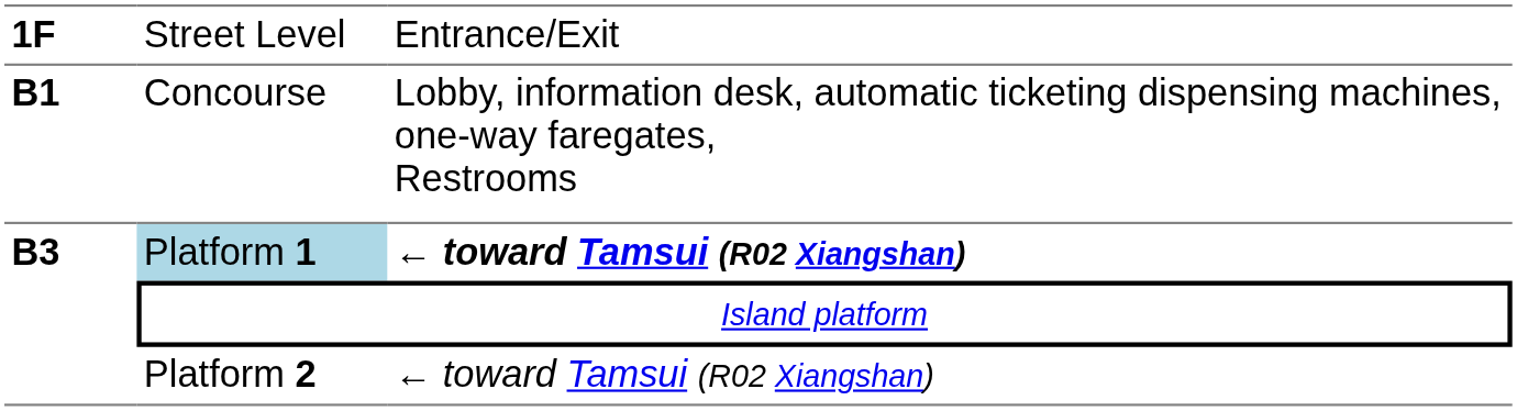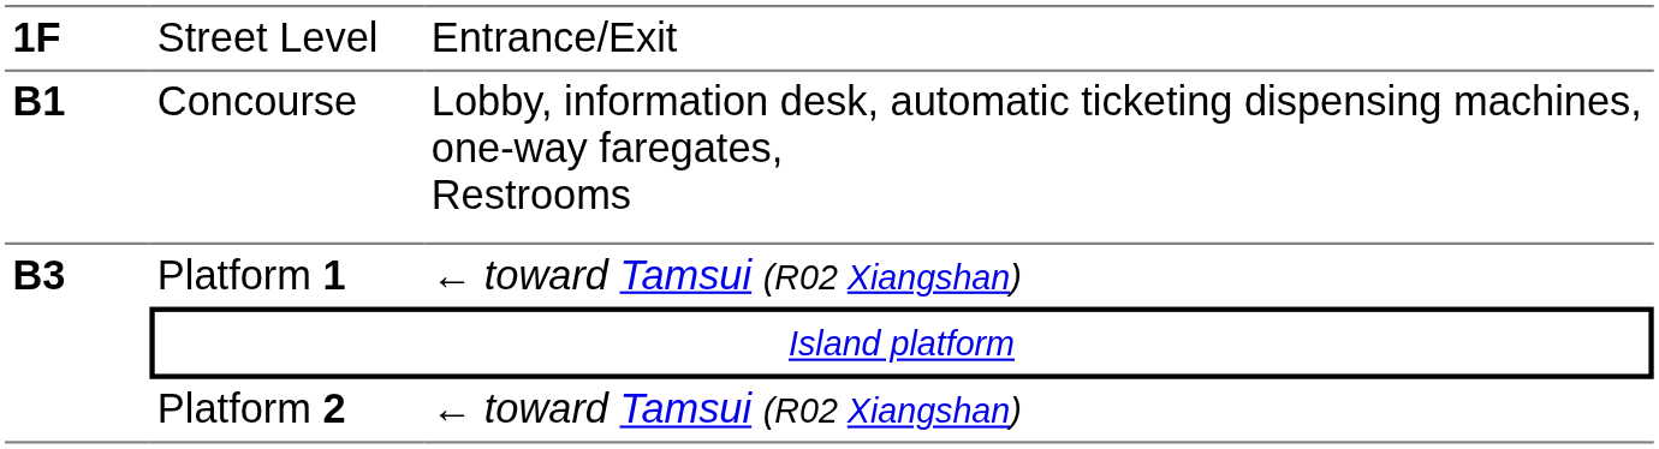 <table table border=0 cellspacing=0 cellpadding=3>
 <tr>
 <td style="border-bottom:solid 1px gray;border-top:solid 1px gray;" width=50 valign=top><strong>1F</strong></td>
 <td style="border-top:solid 1px gray;border-bottom:solid 1px gray;" width=100 valign=top>Street Level</td>
 <td style="border-top:solid 1px gray;border-bottom:solid 1px gray;" width=470 valign=top>Entrance/Exit</td>
 </tr>
 <tr>
 <td style="border-bottom:solid 1px gray;" rowspan=2 valign=top width=50><strong>B1</strong></td>
 <td style="border-bottom:solid 1px gray;" rowspan=2 valign=top width=100>Concourse</td>
 <td width=390>Lobby, information desk, automatic ticketing dispensing machines, one-way faregates,<br>Restrooms</td>
 </tr>
 <tr>
 <td style="border-bottom:solid 1px gray;"></td>
 </tr>
 <tr>
 <td style="border-bottom:solid 1px gray;" rowspan=3 valign=top><strong>B3</strong></td>
-<td style="background: lightblue;">Platform <span><strong>1</strong></span></td>
-<td><strong>← <em> toward <a href='#'>Tamsui</a> <small>(R02 <a href='#'>Xiangshan</a>)</small></em></strong></td>
+<td>Platform <span><strong>1</strong></span></td>
+<td>← <em> toward <a href='#'>Tamsui</a> <small>(R02 <a href='#'>Xiangshan</a>)</small></em></td>
 </tr>
 <tr>
 <td style="border:solid 2px black;text-align:center;" colspan=2><em><small><a href='#'>Island platform</a></small></em></td>
 </tr>
 <tr>
 <td style="border-bottom:solid 1px gray;">Platform <span><strong>2</strong></span></td>
 <td style="border-bottom:solid 1px gray;">← <em> toward <a href='#'>Tamsui</a> <small>(R02 <a href='#'>Xiangshan</a>)</small></em></td>
 </tr>
 </table>
